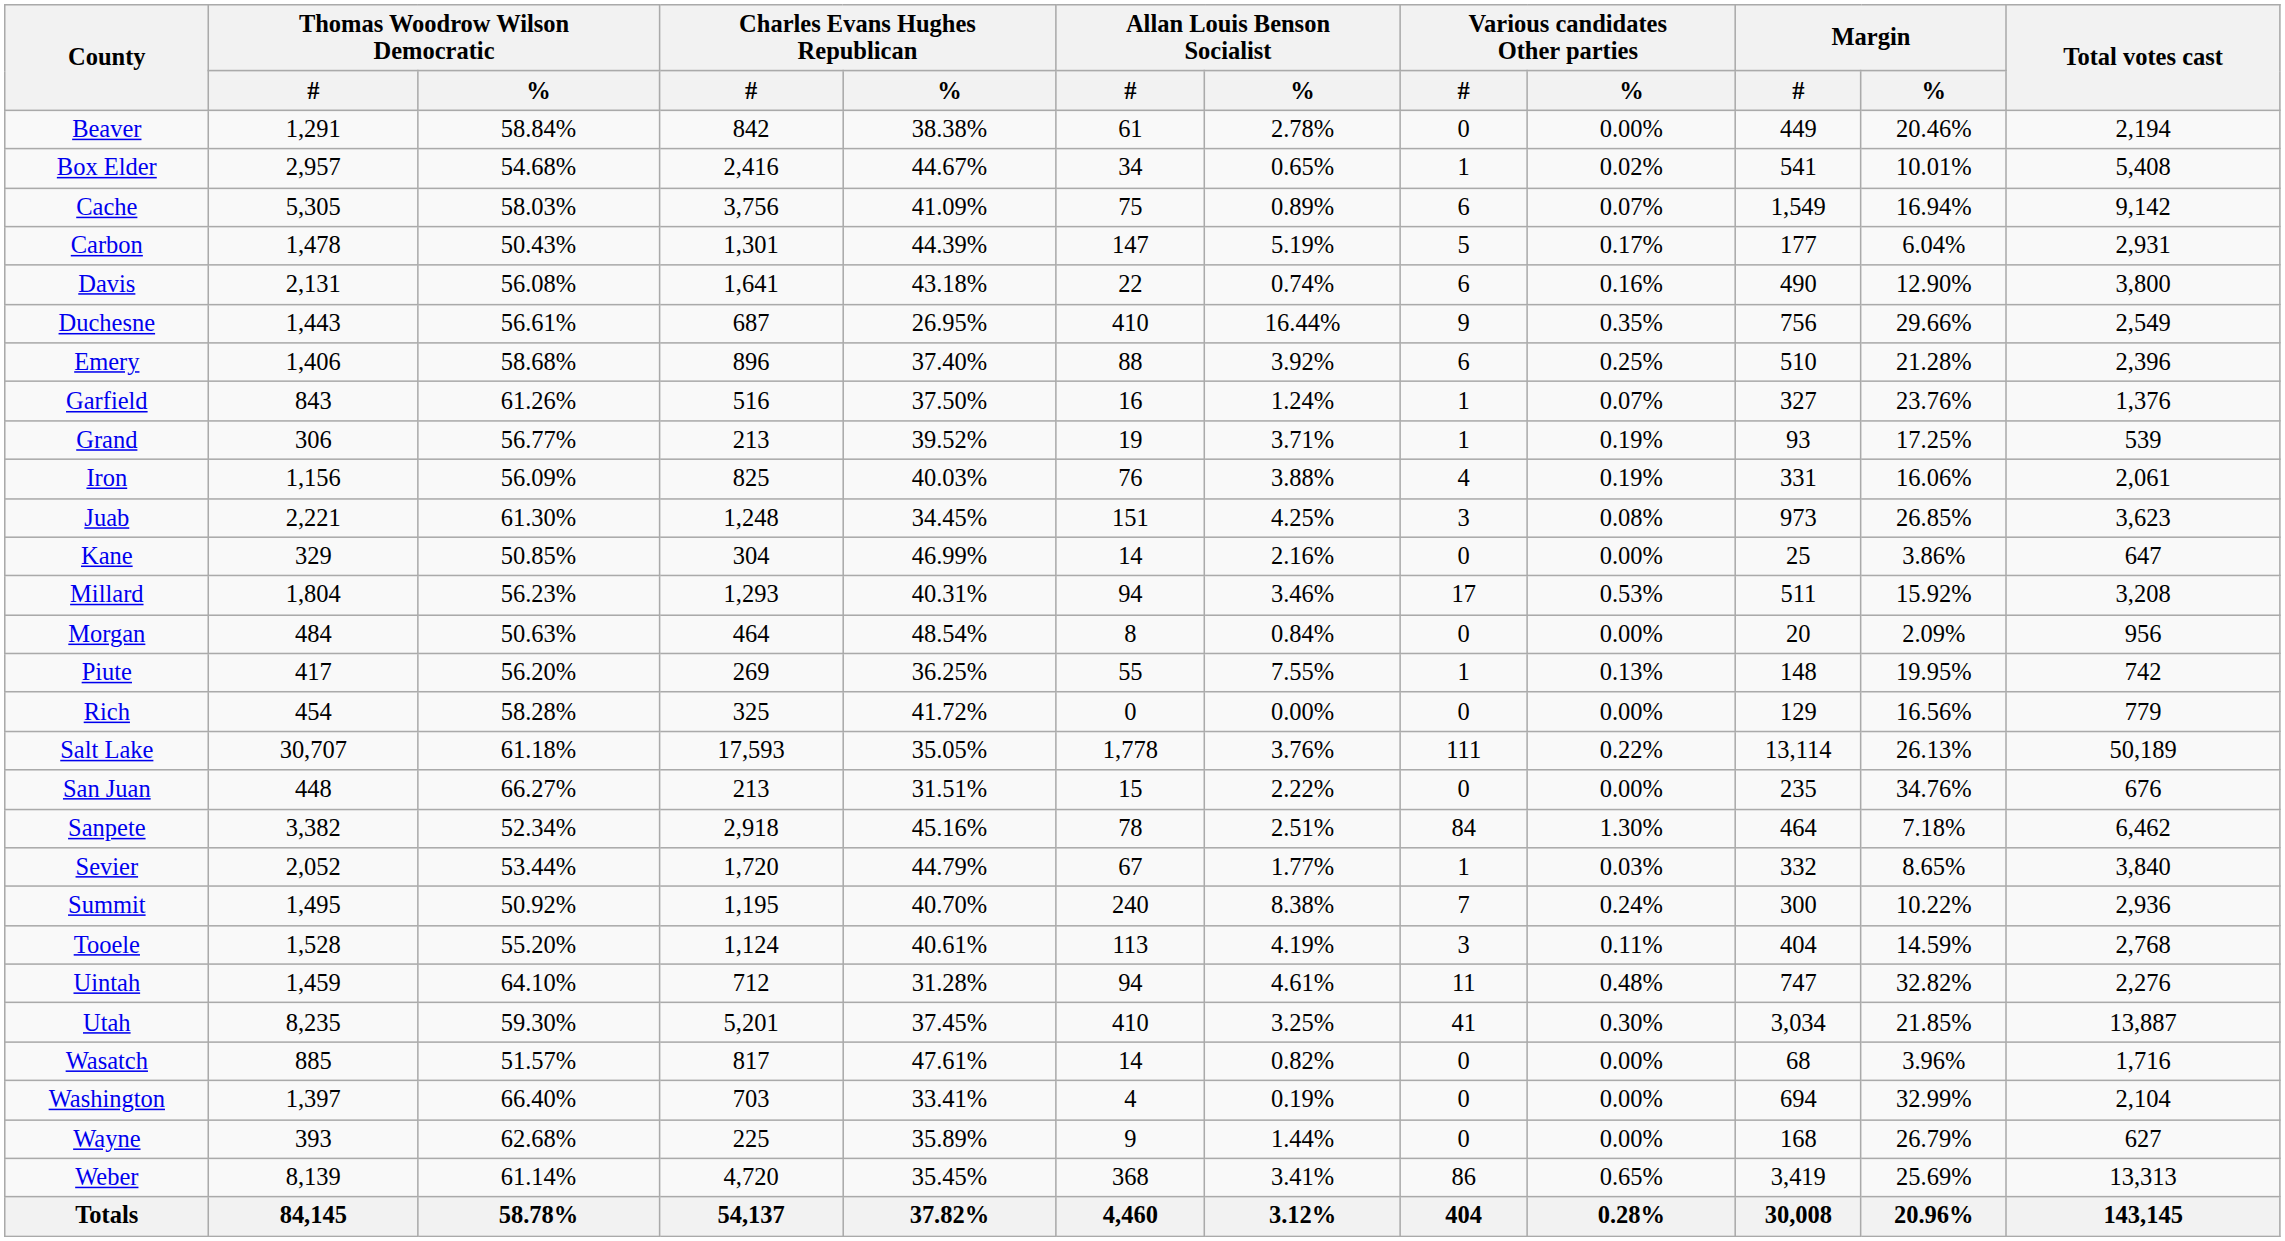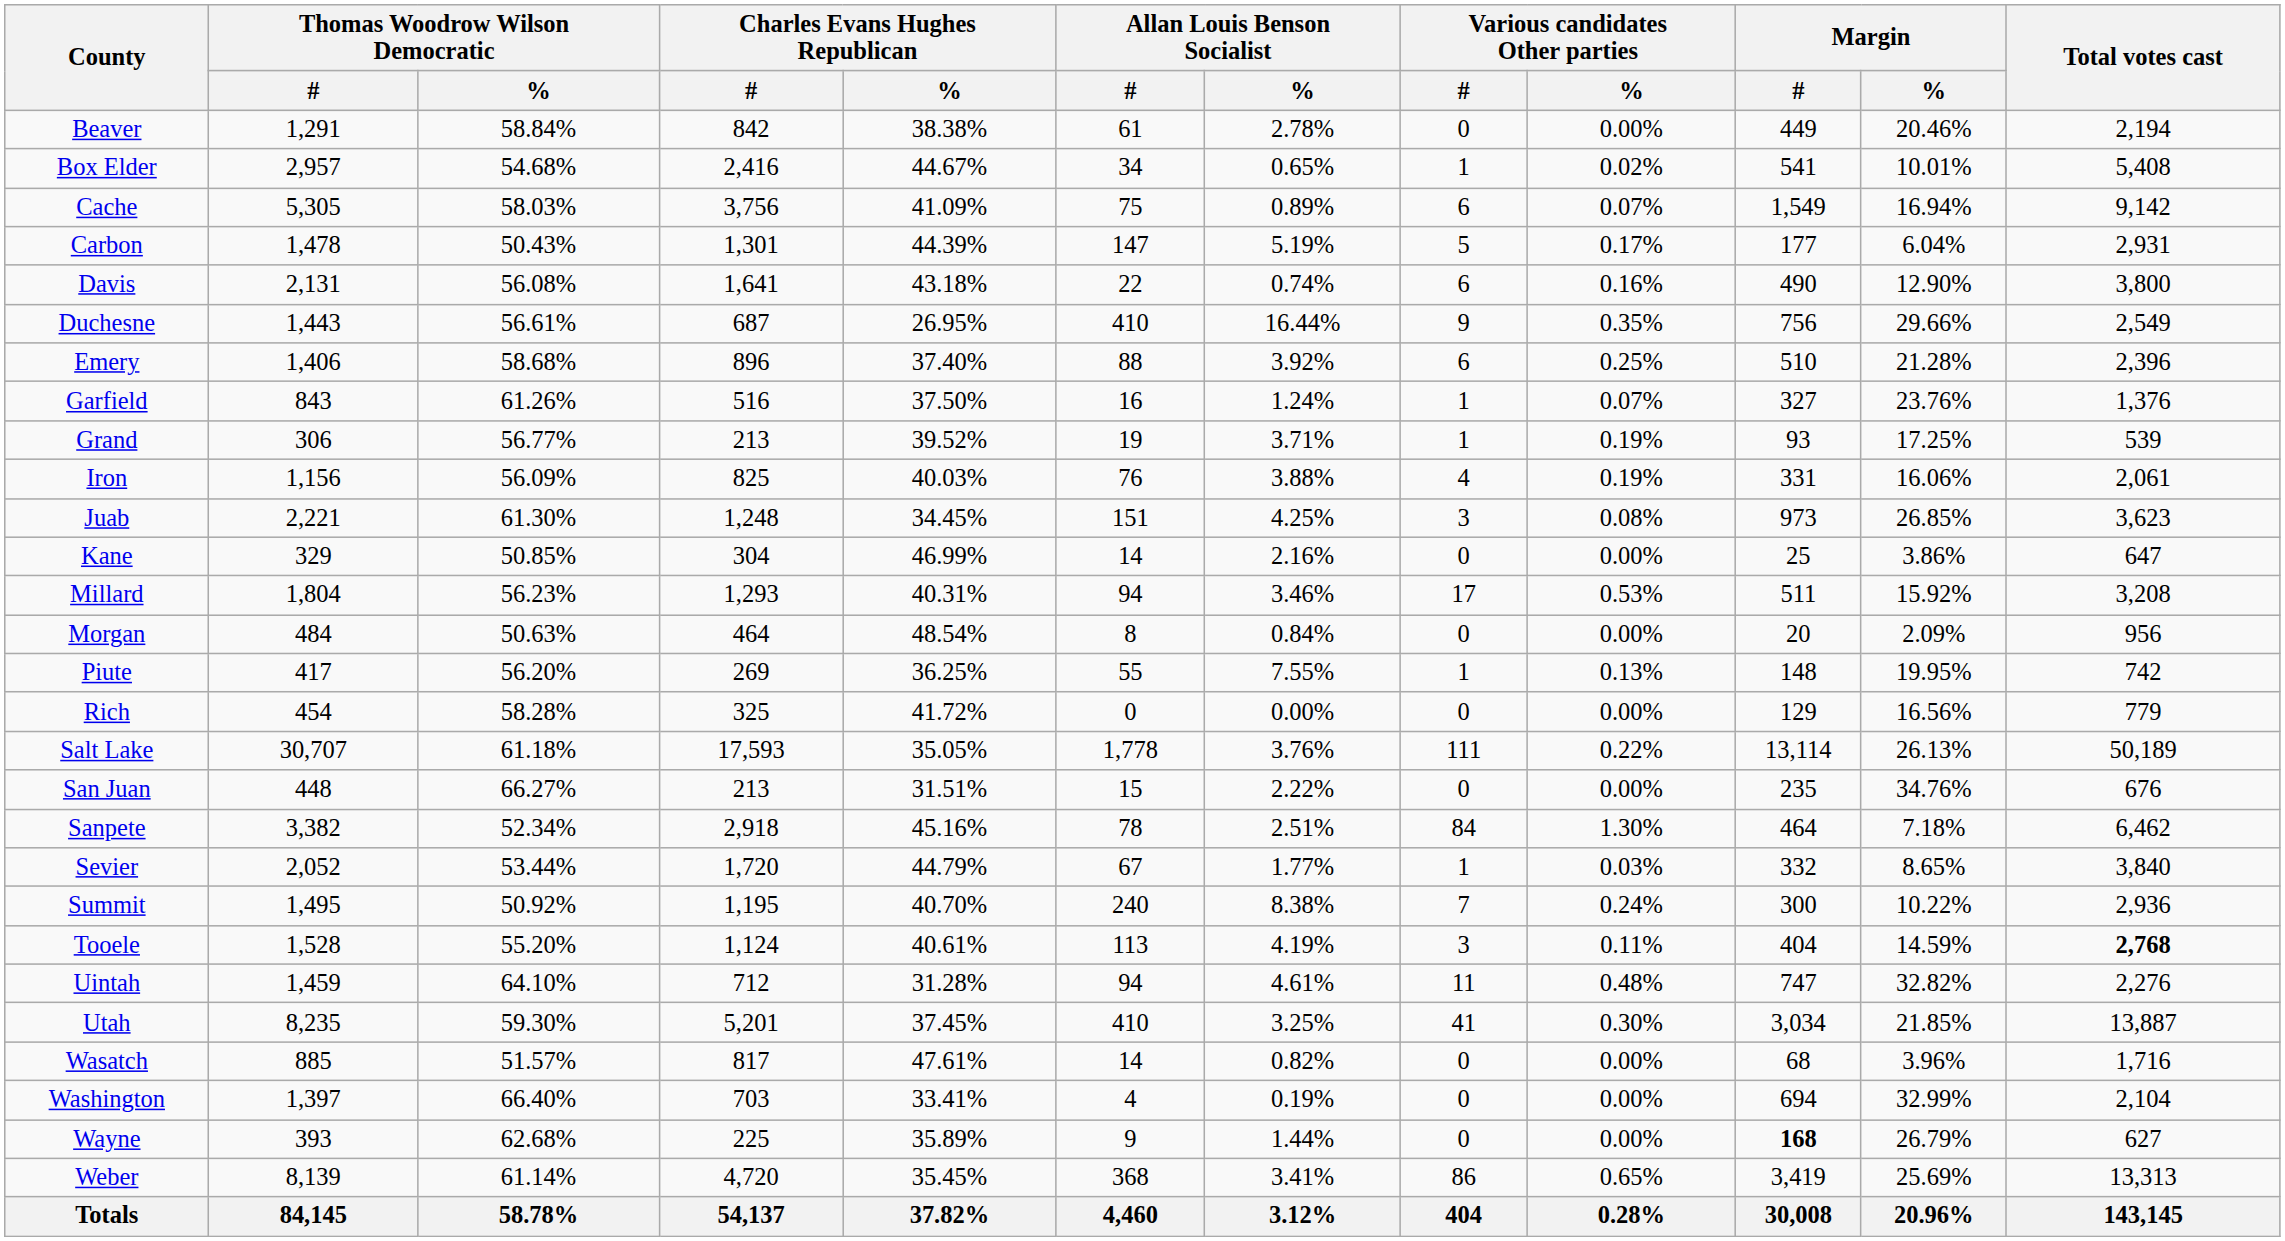 <table width="75%" class="wikitable sortable">
 <tr>
 <th rowspan="2">County</th>
 <th colspan="2">Thomas Woodrow Wilson<br>Democratic</th>
 <th colspan="2">Charles Evans Hughes<br>Republican</th>
 <th colspan="2">Allan Louis Benson<br>Socialist</th>
 <th colspan="2">Various candidates<br>Other parties</th>
 <th colspan="2">Margin</th>
 <th rowspan="2">Total votes cast</th>
 </tr>
 <tr bgcolor="lightgrey">
 <th style="text-align:center;" data-sort-type="number">#</th>
 <th style="text-align:center;" data-sort-type="number">%</th>
 <th style="text-align:center;" data-sort-type="number">#</th>
 <th style="text-align:center;" data-sort-type="number">%</th>
 <th style="text-align:center;" data-sort-type="number">#</th>
 <th style="text-align:center;" data-sort-type="number">%</th>
 <th style="text-align:center;" data-sort-type="number">#</th>
 <th style="text-align:center;" data-sort-type="number">%</th>
 <th style="text-align:center;" data-sort-type="number">#</th>
 <th style="text-align:center;" data-sort-type="number">%</th>
 </tr>
 <tr style="text-align:center;">
 <td><a href='#'>Beaver</a></td>
 <td>1,291</td>
 <td>58.84%</td>
 <td>842</td>
 <td>38.38%</td>
 <td>61</td>
 <td>2.78%</td>
 <td>0</td>
 <td>0.00%</td>
 <td>449</td>
 <td>20.46%</td>
 <td>2,194</td>
 </tr>
 <tr style="text-align:center;">
 <td><a href='#'>Box Elder</a></td>
 <td>2,957</td>
 <td>54.68%</td>
 <td>2,416</td>
 <td>44.67%</td>
 <td>34</td>
 <td>0.65%</td>
 <td>1</td>
 <td>0.02%</td>
 <td>541</td>
 <td>10.01%</td>
 <td>5,408</td>
 </tr>
 <tr style="text-align:center;">
 <td><a href='#'>Cache</a></td>
 <td>5,305</td>
 <td>58.03%</td>
 <td>3,756</td>
 <td>41.09%</td>
 <td>75</td>
 <td>0.89%</td>
 <td>6</td>
 <td>0.07%</td>
 <td>1,549</td>
 <td>16.94%</td>
 <td>9,142</td>
 </tr>
 <tr style="text-align:center;">
 <td><a href='#'>Carbon</a></td>
 <td>1,478</td>
 <td>50.43%</td>
 <td>1,301</td>
 <td>44.39%</td>
 <td>147</td>
 <td>5.19%</td>
 <td>5</td>
 <td>0.17%</td>
 <td>177</td>
 <td>6.04%</td>
 <td>2,931</td>
 </tr>
 <tr style="text-align:center;">
 <td><a href='#'>Davis</a></td>
 <td>2,131</td>
 <td>56.08%</td>
 <td>1,641</td>
 <td>43.18%</td>
 <td>22</td>
 <td>0.74%</td>
 <td>6</td>
 <td>0.16%</td>
 <td>490</td>
 <td>12.90%</td>
 <td>3,800</td>
 </tr>
 <tr style="text-align:center;">
 <td><a href='#'>Duchesne</a></td>
 <td>1,443</td>
 <td>56.61%</td>
 <td>687</td>
 <td>26.95%</td>
 <td>410</td>
 <td>16.44%</td>
 <td>9</td>
 <td>0.35%</td>
 <td>756</td>
 <td>29.66%</td>
 <td>2,549</td>
 </tr>
 <tr style="text-align:center;">
 <td><a href='#'>Emery</a></td>
 <td>1,406</td>
 <td>58.68%</td>
 <td>896</td>
 <td>37.40%</td>
 <td>88</td>
 <td>3.92%</td>
 <td>6</td>
 <td>0.25%</td>
 <td>510</td>
 <td>21.28%</td>
 <td>2,396</td>
 </tr>
 <tr style="text-align:center;">
 <td><a href='#'>Garfield</a></td>
 <td>843</td>
 <td>61.26%</td>
 <td>516</td>
 <td>37.50%</td>
 <td>16</td>
 <td>1.24%</td>
 <td>1</td>
 <td>0.07%</td>
 <td>327</td>
 <td>23.76%</td>
 <td>1,376</td>
 </tr>
 <tr style="text-align:center;">
 <td><a href='#'>Grand</a></td>
 <td>306</td>
 <td>56.77%</td>
 <td>213</td>
 <td>39.52%</td>
 <td>19</td>
 <td>3.71%</td>
 <td>1</td>
 <td>0.19%</td>
 <td>93</td>
 <td>17.25%</td>
 <td>539</td>
 </tr>
 <tr style="text-align:center;">
 <td><a href='#'>Iron</a></td>
 <td>1,156</td>
 <td>56.09%</td>
 <td>825</td>
 <td>40.03%</td>
 <td>76</td>
 <td>3.88%</td>
 <td>4</td>
 <td>0.19%</td>
 <td>331</td>
 <td>16.06%</td>
 <td>2,061</td>
 </tr>
 <tr style="text-align:center;">
 <td><a href='#'>Juab</a></td>
 <td>2,221</td>
 <td>61.30%</td>
 <td>1,248</td>
 <td>34.45%</td>
 <td>151</td>
 <td>4.25%</td>
 <td>3</td>
 <td>0.08%</td>
 <td>973</td>
 <td>26.85%</td>
 <td>3,623</td>
 </tr>
 <tr style="text-align:center;">
 <td><a href='#'>Kane</a></td>
 <td>329</td>
 <td>50.85%</td>
 <td>304</td>
 <td>46.99%</td>
 <td>14</td>
 <td>2.16%</td>
 <td>0</td>
 <td>0.00%</td>
 <td>25</td>
 <td>3.86%</td>
 <td>647</td>
 </tr>
 <tr style="text-align:center;">
 <td><a href='#'>Millard</a></td>
 <td>1,804</td>
 <td>56.23%</td>
 <td>1,293</td>
 <td>40.31%</td>
 <td>94</td>
 <td>3.46%</td>
 <td>17</td>
 <td>0.53%</td>
 <td>511</td>
 <td>15.92%</td>
 <td>3,208</td>
 </tr>
 <tr style="text-align:center;">
 <td><a href='#'>Morgan</a></td>
 <td>484</td>
 <td>50.63%</td>
 <td>464</td>
 <td>48.54%</td>
 <td>8</td>
 <td>0.84%</td>
 <td>0</td>
 <td>0.00%</td>
 <td>20</td>
 <td>2.09%</td>
 <td>956</td>
 </tr>
 <tr style="text-align:center;">
 <td><a href='#'>Piute</a></td>
 <td>417</td>
 <td>56.20%</td>
 <td>269</td>
 <td>36.25%</td>
 <td>55</td>
 <td>7.55%</td>
 <td>1</td>
 <td>0.13%</td>
 <td>148</td>
 <td>19.95%</td>
 <td>742</td>
 </tr>
 <tr style="text-align:center;">
 <td><a href='#'>Rich</a></td>
 <td>454</td>
 <td>58.28%</td>
 <td>325</td>
 <td>41.72%</td>
 <td>0</td>
 <td>0.00%</td>
 <td>0</td>
 <td>0.00%</td>
 <td>129</td>
 <td>16.56%</td>
 <td>779</td>
 </tr>
 <tr style="text-align:center;">
 <td><a href='#'>Salt Lake</a></td>
 <td>30,707</td>
 <td>61.18%</td>
 <td>17,593</td>
 <td>35.05%</td>
 <td>1,778</td>
 <td>3.76%</td>
 <td>111</td>
 <td>0.22%</td>
 <td>13,114</td>
 <td>26.13%</td>
 <td>50,189</td>
 </tr>
 <tr style="text-align:center;">
 <td><a href='#'>San Juan</a></td>
 <td>448</td>
 <td>66.27%</td>
 <td>213</td>
 <td>31.51%</td>
 <td>15</td>
 <td>2.22%</td>
 <td>0</td>
 <td>0.00%</td>
 <td>235</td>
 <td>34.76%</td>
 <td>676</td>
 </tr>
 <tr style="text-align:center;">
 <td><a href='#'>Sanpete</a></td>
 <td>3,382</td>
 <td>52.34%</td>
 <td>2,918</td>
 <td>45.16%</td>
 <td>78</td>
 <td>2.51%</td>
 <td>84</td>
 <td>1.30%</td>
 <td>464</td>
 <td>7.18%</td>
 <td>6,462</td>
 </tr>
 <tr style="text-align:center;">
 <td><a href='#'>Sevier</a></td>
 <td>2,052</td>
 <td>53.44%</td>
 <td>1,720</td>
 <td>44.79%</td>
 <td>67</td>
 <td>1.77%</td>
 <td>1</td>
 <td>0.03%</td>
 <td>332</td>
 <td>8.65%</td>
 <td>3,840</td>
 </tr>
 <tr style="text-align:center;">
 <td><a href='#'>Summit</a></td>
 <td>1,495</td>
 <td>50.92%</td>
 <td>1,195</td>
 <td>40.70%</td>
 <td>240</td>
 <td>8.38%</td>
 <td>7</td>
 <td>0.24%</td>
 <td>300</td>
 <td>10.22%</td>
 <td>2,936</td>
 </tr>
 <tr style="text-align:center;">
 <td><a href='#'>Tooele</a></td>
 <td>1,528</td>
 <td>55.20%</td>
 <td>1,124</td>
 <td>40.61%</td>
 <td>113</td>
 <td>4.19%</td>
 <td>3</td>
 <td>0.11%</td>
 <td>404</td>
 <td>14.59%</td>
-<td>2,768</td>
+<td><strong>2,768</strong></td>
 </tr>
 <tr style="text-align:center;">
 <td><a href='#'>Uintah</a></td>
 <td>1,459</td>
 <td>64.10%</td>
 <td>712</td>
 <td>31.28%</td>
 <td>94</td>
 <td>4.61%</td>
 <td>11</td>
 <td>0.48%</td>
 <td>747</td>
 <td>32.82%</td>
 <td>2,276</td>
 </tr>
 <tr style="text-align:center;">
 <td><a href='#'>Utah</a></td>
 <td>8,235</td>
 <td>59.30%</td>
 <td>5,201</td>
 <td>37.45%</td>
 <td>410</td>
 <td>3.25%</td>
 <td>41</td>
 <td>0.30%</td>
 <td>3,034</td>
 <td>21.85%</td>
 <td>13,887</td>
 </tr>
 <tr style="text-align:center;">
 <td><a href='#'>Wasatch</a></td>
 <td>885</td>
 <td>51.57%</td>
 <td>817</td>
 <td>47.61%</td>
 <td>14</td>
 <td>0.82%</td>
 <td>0</td>
 <td>0.00%</td>
 <td>68</td>
 <td>3.96%</td>
 <td>1,716</td>
 </tr>
 <tr style="text-align:center;">
 <td><a href='#'>Washington</a></td>
 <td>1,397</td>
 <td>66.40%</td>
 <td>703</td>
 <td>33.41%</td>
 <td>4</td>
 <td>0.19%</td>
 <td>0</td>
 <td>0.00%</td>
 <td>694</td>
 <td>32.99%</td>
 <td>2,104</td>
 </tr>
 <tr style="text-align:center;">
 <td><a href='#'>Wayne</a></td>
 <td>393</td>
 <td>62.68%</td>
 <td>225</td>
 <td>35.89%</td>
 <td>9</td>
 <td>1.44%</td>
 <td>0</td>
 <td>0.00%</td>
-<td>168</td>
+<td><strong>168</strong></td>
 <td>26.79%</td>
 <td>627</td>
 </tr>
 <tr style="text-align:center;">
 <td><a href='#'>Weber</a></td>
 <td>8,139</td>
 <td>61.14%</td>
 <td>4,720</td>
 <td>35.45%</td>
 <td>368</td>
 <td>3.41%</td>
 <td>86</td>
 <td>0.65%</td>
 <td>3,419</td>
 <td>25.69%</td>
 <td>13,313</td>
 </tr>
 <tr>
 <th>Totals</th>
 <th>84,145</th>
 <th>58.78%</th>
 <th>54,137</th>
 <th>37.82%</th>
 <th>4,460</th>
 <th>3.12%</th>
 <th>404</th>
 <th>0.28%</th>
 <th>30,008</th>
 <th>20.96%</th>
 <th>143,145</th>
 </tr>
 </table>
